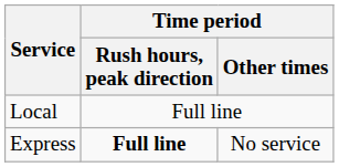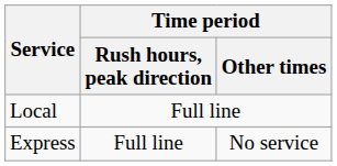 <table class="wikitable">
 <tr>
 <th rowspan=2>Service</th>
 <th colspan=2>Time period</th>
 </tr>
 <tr>
 <th>Rush hours,<br>peak direction</th>
 <th>Other times</th>
 </tr>
 <tr>
 <td> Local</td>
 <td colspan="2" style="text-align:center;">Full line</td>
 </tr>
 <tr>
 <td> Express</td>
-<td align=center><strong>Full line</strong></td>
+<td align=center>Full line</td>
 <td align=center>No service</td>
 </tr>
 </table>
